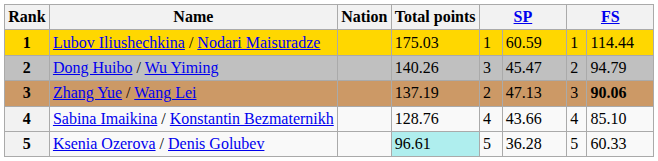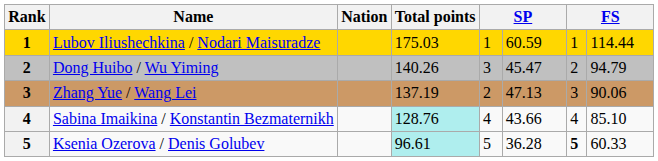 <table class="wikitable">
 <tr>
 <th>Rank</th>
 <th>Name</th>
 <th>Nation</th>
 <th>Total points</th>
 <th colspan="2" width="80px"><a href='#'>SP</a></th>
 <th colspan="2" width="80px"><a href='#'>FS</a></th>
 </tr>
 <tr bgcolor="gold">
 <td align="center"><strong>1</strong></td>
 <td><a href='#'>Lubov Iliushechkina</a> / <a href='#'>Nodari Maisuradze</a></td>
 <td></td>
 <td>175.03</td>
 <td>1</td>
 <td>60.59</td>
 <td>1</td>
 <td>114.44</td>
 </tr>
 <tr bgcolor="silver">
 <td align="center"><strong>2</strong></td>
 <td><a href='#'>Dong Huibo</a> / <a href='#'>Wu Yiming</a></td>
 <td></td>
 <td>140.26</td>
 <td>3</td>
 <td>45.47</td>
 <td>2</td>
 <td>94.79</td>
 </tr>
 <tr bgcolor="cc9966">
 <td align="center"><strong>3</strong></td>
 <td><a href='#'>Zhang Yue</a> / <a href='#'>Wang Lei</a></td>
 <td></td>
 <td>137.19</td>
 <td>2</td>
 <td>47.13</td>
 <td>3</td>
-<td><strong>90.06</strong></td>
+<td>90.06</td>
 </tr>
 <tr>
 <th>4</th>
 <td><a href='#'>Sabina Imaikina</a> / <a href='#'>Konstantin Bezmaternikh</a></td>
 <td></td>
-<td>128.76</td>
+<td style="background: paleturquoise;">128.76</td>
 <td>4</td>
 <td>43.66</td>
 <td>4</td>
 <td>85.10</td>
 </tr>
 <tr>
 <th>5</th>
 <td><a href='#'>Ksenia Ozerova</a> / <a href='#'>Denis Golubev</a></td>
 <td></td>
 <td style="background: paleturquoise;">96.61</td>
 <td>5</td>
 <td>36.28</td>
-<td>5</td>
+<td><strong>5</strong></td>
 <td>60.33</td>
 </tr>
 </table>
